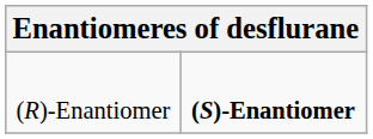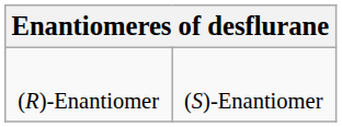 <table class="wikitable" style="text-align:center">
 <tr class="hintergrundfarbe6">
 <th colspan="2">Enantiomeres of desflurane</th>
 </tr>
 <tr>
 <td><br><small>(<em>R</em>)-Enantiomer</small></td>
-<td><strong><br><small>(<em>S</em>)-Enantiomer</small></strong></td>
+<td><br><small>(<em>S</em>)-Enantiomer</small></td>
 </tr>
 </table>
